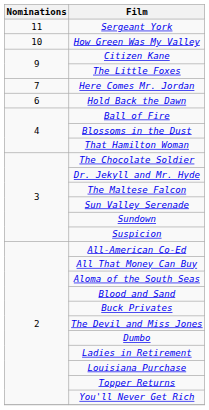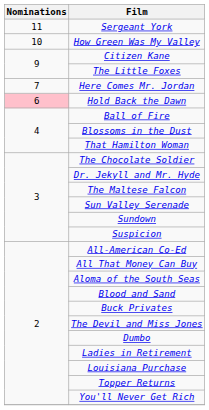 <table class="wikitable" rowspan="2" style="text-align:center;">
 <tr>
 <th scope="col" style="width:55px;">Nominations</th>
 <th scope="col" style="text-align:center;">Film</th>
 </tr>
 <tr>
 <td rowspan="1" style="text-align:center">11</td>
 <td><em><a href='#'>Sergeant York</a></em></td>
 </tr>
 <tr>
 <td rowspan="1" style="text-align:center">10</td>
 <td><em><a href='#'>How Green Was My Valley</a></em></td>
 </tr>
 <tr>
 <td rowspan="2" style="text-align:center">9</td>
 <td><em><a href='#'>Citizen Kane</a></em></td>
 </tr>
 <tr>
 <td><em><a href='#'>The Little Foxes</a></em></td>
 </tr>
 <tr>
 <td rowspan="1" style="text-align:center">7</td>
 <td><em><a href='#'>Here Comes Mr. Jordan</a></em></td>
 </tr>
 <tr>
-<td rowspan="1" style="text-align:center">6</td>
+<td rowspan="1" style="background: pink; text-align:center">6</td>
 <td><em><a href='#'>Hold Back the Dawn</a></em></td>
 </tr>
 <tr>
 <td rowspan="3" style="text-align:center">4</td>
 <td><em><a href='#'>Ball of Fire</a></em></td>
 </tr>
 <tr>
 <td><em><a href='#'>Blossoms in the Dust</a></em></td>
 </tr>
 <tr>
 <td><em><a href='#'>That Hamilton Woman</a></em></td>
 </tr>
 <tr>
 <td rowspan="6" style="text-align:center">3</td>
 <td><em><a href='#'>The Chocolate Soldier</a></em></td>
 </tr>
 <tr>
 <td><em><a href='#'>Dr. Jekyll and Mr. Hyde</a></em></td>
 </tr>
 <tr>
 <td><em><a href='#'>The Maltese Falcon</a></em></td>
 </tr>
 <tr>
 <td><em><a href='#'>Sun Valley Serenade</a></em></td>
 </tr>
 <tr>
 <td><em><a href='#'>Sundown</a></em></td>
 </tr>
 <tr>
 <td><em><a href='#'>Suspicion</a></em></td>
 </tr>
 <tr>
 <td rowspan="11" style="text-align:center">2</td>
 <td><em><a href='#'>All-American Co-Ed</a></em></td>
 </tr>
 <tr>
 <td><em><a href='#'>All That Money Can Buy</a></em></td>
 </tr>
 <tr>
 <td><em><a href='#'>Aloma of the South Seas</a></em></td>
 </tr>
 <tr>
 <td><em><a href='#'>Blood and Sand</a></em></td>
 </tr>
 <tr>
 <td><em><a href='#'>Buck Privates</a></em></td>
 </tr>
 <tr>
 <td><em><a href='#'>The Devil and Miss Jones</a></em></td>
 </tr>
 <tr>
 <td><em><a href='#'>Dumbo</a></em></td>
 </tr>
 <tr>
 <td><em><a href='#'>Ladies in Retirement</a></em></td>
 </tr>
 <tr>
 <td><em><a href='#'>Louisiana Purchase</a></em></td>
 </tr>
 <tr>
 <td><em><a href='#'>Topper Returns</a></em></td>
 </tr>
 <tr>
 <td><em><a href='#'>You'll Never Get Rich</a></em></td>
 </tr>
 <tr>
 </tr>
 </table>
